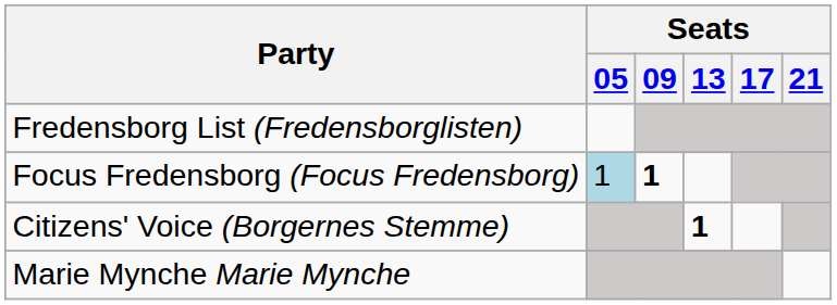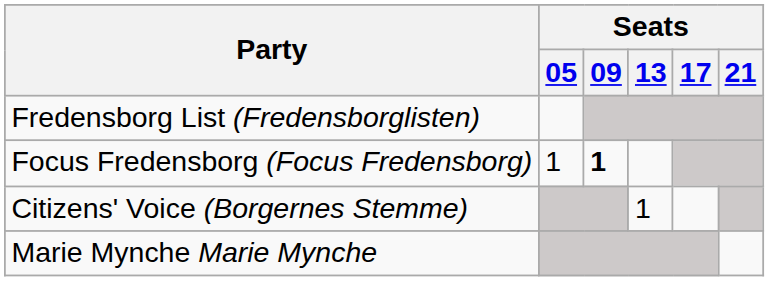 <table class="wikitable">
 <tr>
 <th rowspan=2>Party</th>
 <th colspan=11>Seats</th>
 </tr>
 <tr>
 <th><a href='#'>05</a></th>
 <th><a href='#'>09</a></th>
 <th><a href='#'>13</a></th>
 <th><a href='#'>17</a></th>
 <th><a href='#'>21</a></th>
 </tr>
 <tr>
 <td>Fredensborg List <em>(Fredensborglisten)</em></td>
 <td></td>
 <td style="background:#CDC9C9;" colspan=4></td>
 </tr>
 <tr>
 <td>Focus Fredensborg <em>(Focus Fredensborg)</em></td>
-<td style="background: lightblue;">1</td>
+<td>1</td>
 <td><strong>1</strong></td>
 <td></td>
 <td style="background:#CDC9C9;" colspan=2></td>
 </tr>
 <tr>
 <td>Citizens' Voice <em>(Borgernes Stemme)</em></td>
 <td style="background:#CDC9C9;" colspan=2></td>
-<td><strong>1</strong></td>
+<td>1</td>
 <td></td>
 <td style="background:#CDC9C9;"></td>
 </tr>
 <tr>
 <td>Marie Mynche <em>Marie Mynche</em></td>
 <td style="background:#CDC9C9;" colspan=4></td>
 <td></td>
 </tr>
 </table>
